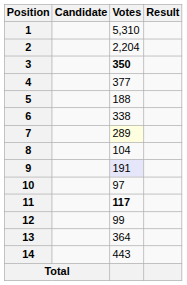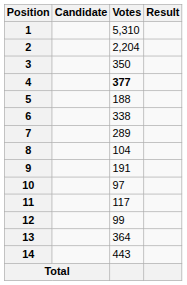 <table class="wikitable sortable col3right">
 <tr>
 <th scope="col">Position</th>
 <th scope="col">Candidate</th>
 <th scope="col">Votes</th>
 <th scope="col">Result</th>
 </tr>
 <tr>
 <th scope="row">1</th>
 <td></td>
 <td>5,310</td>
 <td></td>
 </tr>
 <tr>
 <th scope="row">2</th>
 <td></td>
 <td>2,204</td>
 <td></td>
 </tr>
 <tr>
 <th scope="row">3</th>
 <td></td>
-<td><strong>350</strong></td>
+<td>350</td>
 <td></td>
 </tr>
 <tr>
 <th scope="row">4</th>
 <td></td>
-<td>377</td>
+<td><strong>377</strong></td>
 <td></td>
 </tr>
 <tr>
 <th scope="row">5</th>
 <td></td>
 <td>188</td>
 <td></td>
 </tr>
 <tr>
 <th scope="row">6</th>
 <td></td>
 <td>338</td>
 <td></td>
 </tr>
 <tr>
 <th scope="row">7</th>
 <td></td>
-<td style="background: lightyellow;">289</td>
+<td>289</td>
 <td></td>
 </tr>
 <tr>
 <th scope="row">8</th>
 <td></td>
 <td>104</td>
 <td></td>
 </tr>
 <tr>
 <th scope="row">9</th>
 <td></td>
-<td style="background: lavender;">191</td>
+<td>191</td>
 <td></td>
 </tr>
 <tr>
 <th scope="row">10</th>
 <td></td>
 <td>97</td>
 <td></td>
 </tr>
 <tr>
 <th scope="row">11</th>
 <td></td>
-<td><strong>117</strong></td>
+<td>117</td>
 <td></td>
 </tr>
 <tr>
 <th scope="row">12</th>
 <td></td>
 <td>99</td>
 <td></td>
 </tr>
 <tr>
 <th scope="row">13</th>
 <td></td>
 <td>364</td>
 <td></td>
 </tr>
 <tr>
 <th scope="row">14</th>
 <td></td>
 <td>443</td>
 <td></td>
 </tr>
 <tr class="sortbottom">
 <th scope="row" colspan="2">Total</th>
 <th></th>
 <th></th>
 </tr>
 </table>
